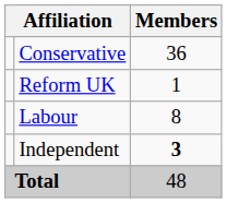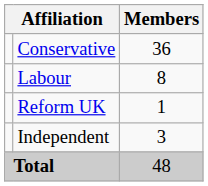 <table class="wikitable">
 <tr>
 <th colspan="2">Affiliation</th>
 <th>Members</th>
 </tr>
 <tr>
 <td style="color:inherit;background:"></td>
 <td><a href='#'>Conservative</a></td>
 <td style="text-align:center;">36</td>
 </tr>
 <tr>
 <td style="color:inherit;background:"></td>
+<td><a href='#'>Labour</a></td>
+<td style="text-align:center;">8</td>
+</tr>
+<tr>
+<td style="color:inherit;background:"></td>
 <td><a href='#'>Reform UK</a></td>
 <td style="text-align:center;">1</td>
 </tr>
 <tr>
 <td style="color:inherit;background:"></td>
-<td><a href='#'>Labour</a></td>
-<td style="text-align:center;">8</td>
-</tr>
-<tr>
-<td style="color:inherit;background:"></td>
 <td>Independent</td>
-<td style="text-align:center;"><strong>3</strong></td>
+<td style="text-align:center;">3</td>
 </tr>
 <tr style="background:#ccc;">
 <td colspan="2"> <strong>Total</strong></td>
 <td style="text-align:center;">48</td>
 </tr>
 </table>
